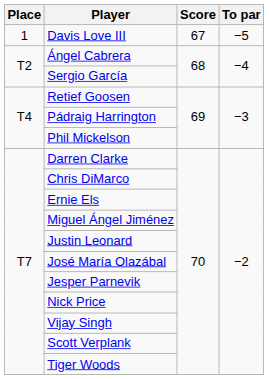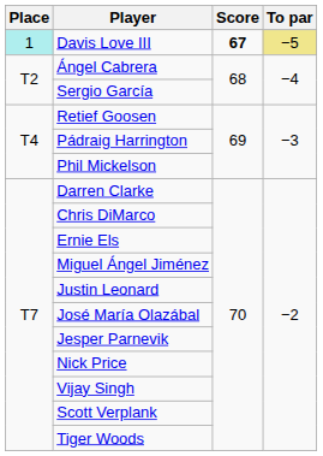 <table class="wikitable">
 <tr>
 <th>Place</th>
 <th>Player</th>
 <th>Score</th>
 <th>To par</th>
 </tr>
 <tr>
-<td align=center>1</td>
+<td align=center style="background: paleturquoise;">1</td>
 <td> <a href='#'>Davis Love III</a></td>
-<td align=center>67</td>
-<td align=center>−5</td>
+<td align=center><strong>67</strong></td>
+<td align=center style="background: khaki;">−5</td>
 </tr>
 <tr>
 <td rowspan="2" align=center>T2</td>
 <td> <a href='#'>Ángel Cabrera</a></td>
 <td rowspan="2" align=center>68</td>
 <td rowspan="2" align=center>−4</td>
 </tr>
 <tr>
 <td> <a href='#'>Sergio García</a></td>
 </tr>
 <tr>
 <td rowspan="3" align=center>T4</td>
 <td> <a href='#'>Retief Goosen</a></td>
 <td rowspan="3" align=center>69</td>
 <td rowspan="3" align=center>−3</td>
 </tr>
 <tr>
 <td> <a href='#'>Pádraig Harrington</a></td>
 </tr>
 <tr>
 <td> <a href='#'>Phil Mickelson</a></td>
 </tr>
 <tr>
 <td rowspan="11" align=center>T7</td>
 <td> <a href='#'>Darren Clarke</a></td>
 <td rowspan="11" align=center>70</td>
 <td rowspan="11" align=center>−2</td>
 </tr>
 <tr>
 <td> <a href='#'>Chris DiMarco</a></td>
 </tr>
 <tr>
 <td> <a href='#'>Ernie Els</a></td>
 </tr>
 <tr>
 <td> <a href='#'>Miguel Ángel Jiménez</a></td>
 </tr>
 <tr>
 <td> <a href='#'>Justin Leonard</a></td>
 </tr>
 <tr>
 <td> <a href='#'>José María Olazábal</a></td>
 </tr>
 <tr>
 <td> <a href='#'>Jesper Parnevik</a></td>
 </tr>
 <tr>
 <td> <a href='#'>Nick Price</a></td>
 </tr>
 <tr>
 <td> <a href='#'>Vijay Singh</a></td>
 </tr>
 <tr>
 <td> <a href='#'>Scott Verplank</a></td>
 </tr>
 <tr>
 <td> <a href='#'>Tiger Woods</a></td>
 </tr>
 </table>
